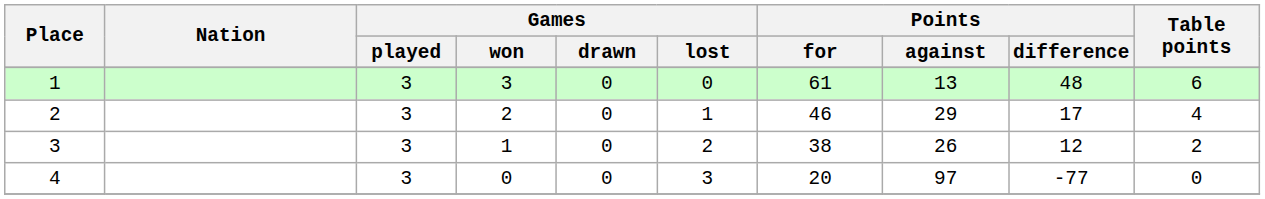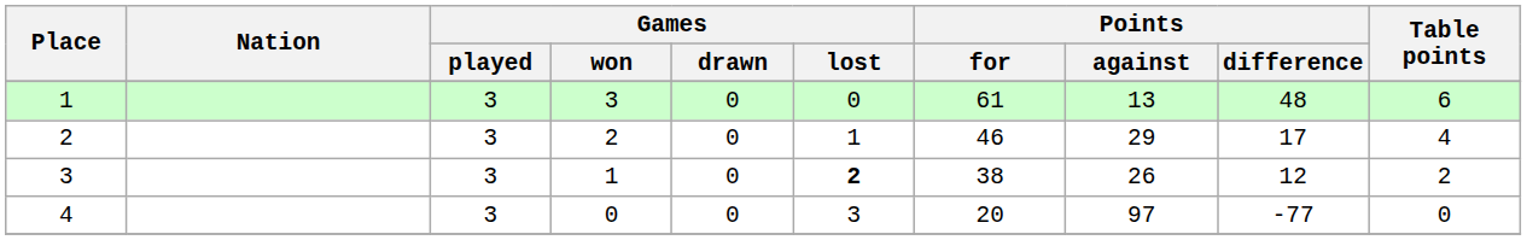 <table class="wikitable">
 <tr>
 <th rowspan=2 width="8%">Place</th>
 <th rowspan=2 width="20%">Nation</th>
 <th colspan=4 width="32%">Games</th>
 <th colspan=3 width="30%">Points</th>
 <th rowspan=2 width="10%">Table<br>points</th>
 </tr>
 <tr>
 <th width="8%">played</th>
 <th width="8%">won</th>
 <th width="8%">drawn</th>
 <th width="8%">lost</th>
 <th width="10%">for</th>
 <th width="10%">against</th>
 <th width="10%">difference</th>
 </tr>
 <tr>
 </tr>
 <tr bgcolor=#ccffcc align=center>
 <td>1</td>
 <td align=left><strong></strong></td>
 <td>3</td>
 <td>3</td>
 <td>0</td>
 <td>0</td>
 <td>61</td>
 <td>13</td>
 <td>48</td>
 <td>6</td>
 </tr>
 <tr bgcolor=#ffffff align=center>
 <td>2</td>
 <td align=left></td>
 <td>3</td>
 <td>2</td>
 <td>0</td>
 <td>1</td>
 <td>46</td>
 <td>29</td>
 <td>17</td>
 <td>4</td>
 </tr>
 <tr bgcolor=#ffffff align=center>
 <td>3</td>
 <td align=left></td>
 <td>3</td>
 <td>1</td>
 <td>0</td>
-<td>2</td>
+<td><strong>2</strong></td>
 <td>38</td>
 <td>26</td>
 <td>12</td>
 <td>2</td>
 </tr>
 <tr bgcolor=#ffffff align=center>
 <td>4</td>
 <td align=left></td>
 <td>3</td>
 <td>0</td>
 <td>0</td>
 <td>3</td>
 <td>20</td>
 <td>97</td>
 <td>-77</td>
 <td>0</td>
 </tr>
 <tr bgcolor=#ffcccc align=center>
 </tr>
 </table>
